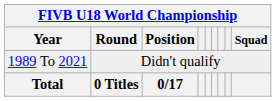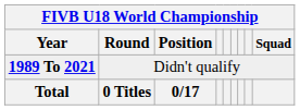 <table class="wikitable" style="text-align: center;">
 <tr>
 <th colspan=9><a href='#'>FIVB U18 World Championship</a></th>
 </tr>
 <tr>
 <th>Year</th>
 <th>Round</th>
 <th>Position</th>
 <th></th>
 <th></th>
 <th></th>
 <th></th>
 <th></th>
 <th><small>Squad</small></th>
 </tr>
 <tr bgcolor="efefef">
-<td> <a href='#'>1989</a> To   <a href='#'>2021</a></td>
+<td><strong> <a href='#'>1989</a> To   <a href='#'>2021</a></strong></td>
 <td colspan="8" rowspan=1>Didn't qualify</td>
 </tr>
 <tr>
 <th>Total</th>
 <th>0 Titles</th>
 <th>0/17</th>
 <th></th>
 <th></th>
 <th></th>
 <th></th>
 <th></th>
 <th></th>
 </tr>
 </table>
